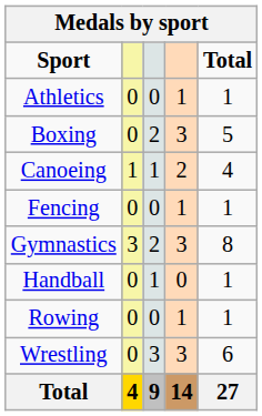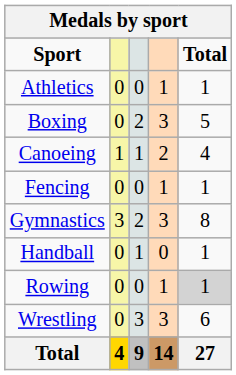 <table class="wikitable" style="font-size:85%; float: right;">
 <tr style="background:#efefef;">
 <th colspan=5><strong>Medals by sport</strong></th>
 </tr>
 <tr align=center>
 <td><strong>Sport</strong></td>
 <td bgcolor=#f7f6a8></td>
 <td bgcolor=#dce5e5></td>
 <td bgcolor=#ffdab9></td>
 <td><strong>Total</strong></td>
 </tr>
 <tr align=center>
 <td><a href='#'>Athletics</a></td>
 <td style="background:#F7F6A8;">0</td>
 <td style="background:#DCE5E5;">0</td>
 <td style="background:#FFDAB9;">1</td>
 <td>1</td>
 </tr>
 <tr align=center>
 <td><a href='#'>Boxing</a></td>
 <td style="background:#F7F6A8;">0</td>
 <td style="background:#DCE5E5;">2</td>
 <td style="background:#FFDAB9;">3</td>
 <td>5</td>
 </tr>
 <tr align=center>
 <td><a href='#'>Canoeing</a></td>
 <td style="background:#F7F6A8;">1</td>
 <td style="background:#DCE5E5;">1</td>
 <td style="background:#FFDAB9;">2</td>
 <td>4</td>
 </tr>
 <tr align=center>
 <td><a href='#'>Fencing</a></td>
 <td style="background:#F7F6A8;">0</td>
 <td style="background:#DCE5E5;">0</td>
 <td style="background:#FFDAB9;">1</td>
 <td>1</td>
 </tr>
 <tr align=center>
 <td><a href='#'>Gymnastics</a></td>
 <td style="background:#F7F6A8;">3</td>
 <td style="background:#DCE5E5;">2</td>
 <td style="background:#FFDAB9;">3</td>
 <td>8</td>
 </tr>
 <tr align=center>
 <td><a href='#'>Handball</a></td>
 <td style="background:#F7F6A8;">0</td>
 <td style="background:#DCE5E5;">1</td>
 <td style="background:#FFDAB9;">0</td>
 <td>1</td>
 </tr>
 <tr align=center>
 <td><a href='#'>Rowing</a></td>
 <td style="background:#F7F6A8;">0</td>
 <td style="background:#DCE5E5;">0</td>
 <td style="background:#FFDAB9;">1</td>
-<td>1</td>
+<td style="background: lightgrey;">1</td>
 </tr>
 <tr align=center>
 <td><a href='#'>Wrestling</a></td>
 <td style="background:#F7F6A8;">0</td>
 <td style="background:#DCE5E5;">3</td>
 <td style="background:#FFDAB9;">3</td>
 <td>6</td>
 </tr>
 <tr align=center>
 <th><strong>Total</strong></th>
 <th style="background:gold;"><strong>4</strong></th>
 <th style="background:silver;"><strong>9</strong></th>
 <th style="background:#c96;"><strong>14</strong></th>
 <th><strong>27</strong></th>
 </tr>
 </table>
